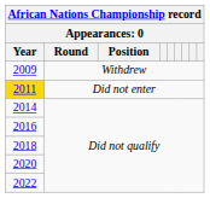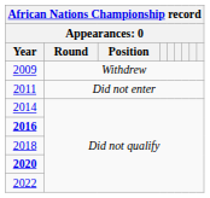 <table class="wikitable" style="text-align: center;">
 <tr>
 <th colspan=9><a href='#'>African Nations Championship</a> record</th>
 </tr>
 <tr>
 <th colspan=9>Appearances: 0</th>
 </tr>
 <tr>
 <th>Year</th>
 <th>Round</th>
 <th>Position</th>
 <th></th>
 <th></th>
 <th></th>
 <th></th>
 <th></th>
 <th></th>
 </tr>
 <tr>
 <td> <a href='#'>2009</a></td>
 <td Colspan=9><em>Withdrew</em></td>
 </tr>
 <tr>
-<td style="background: gold;"> <a href='#'>2011</a></td>
+<td> <a href='#'>2011</a></td>
 <td Colspan=9><em>Did not enter</em></td>
 </tr>
 <tr>
 <td> <a href='#'>2014</a></td>
 <td Colspan=9 Rowspan=5><em>Did not qualify</em></td>
 </tr>
 <tr>
-<td> <a href='#'>2016</a></td>
+<td><strong> <a href='#'>2016</a></strong></td>
 </tr>
 <tr>
 <td> <a href='#'>2018</a></td>
 </tr>
 <tr>
-<td> <a href='#'>2020</a></td>
+<td><strong> <a href='#'>2020</a></strong></td>
 </tr>
 <tr>
 <td> <a href='#'>2022</a></td>
 </tr>
 </table>
